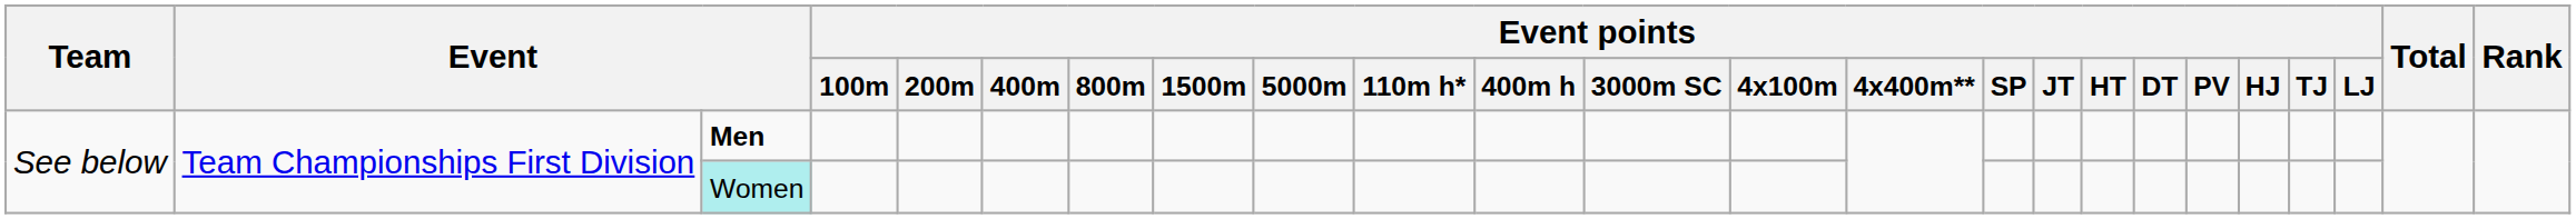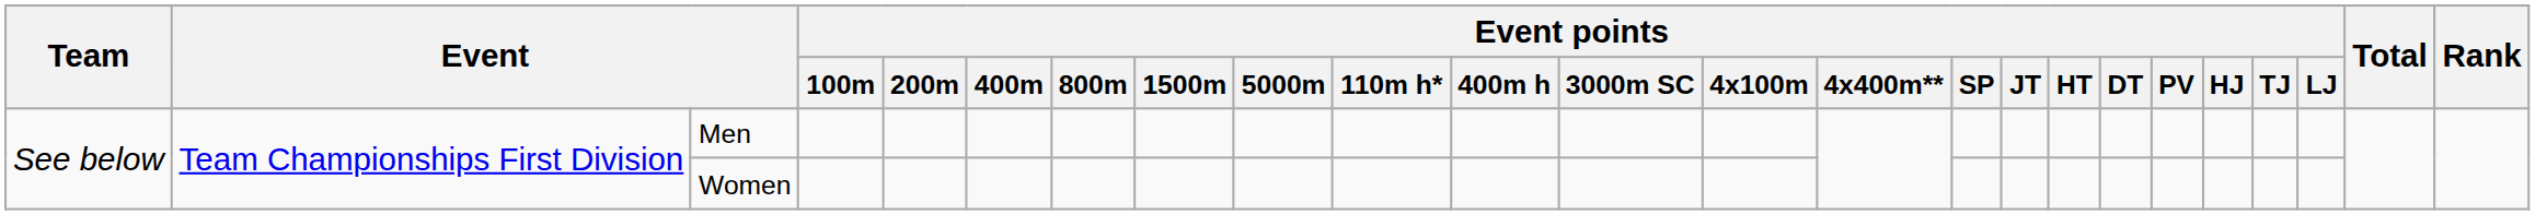 <table class="wikitable" style="text-align:left; font-size:90%">
 <tr>
 <th rowspan="2">Team</th>
 <th colspan="2" rowspan="2">Event</th>
 <th colspan="19">Event points</th>
 <th rowspan="2">Total</th>
 <th rowspan="2">Rank</th>
 </tr>
 <tr>
 <th><small>100m</small></th>
 <th><small>200m</small></th>
 <th><small>400m</small></th>
 <th><small>800m</small></th>
 <th><small>1500m</small></th>
 <th><small>5000m</small></th>
 <th><small>110m h*</small></th>
 <th><small>400m h</small></th>
 <th><small>3000m SC</small></th>
 <th><small>4x100m</small></th>
 <th><small>4x400m**</small></th>
 <th><small>SP</small></th>
 <th><small>JT</small></th>
 <th><small>HT</small></th>
 <th><small>DT</small></th>
 <th><small>PV</small></th>
 <th><small>HJ</small></th>
 <th><small>TJ</small></th>
 <th><small>LJ</small></th>
 </tr>
 <tr>
 <td rowspan="2"><em>See below</em></td>
 <td rowspan="2"><a href='#'>Team Championships First Division</a></td>
-<td><strong><small>Men</small></strong></td>
+<td><small>Men</small></td>
 <td></td>
 <td></td>
 <td></td>
 <td></td>
 <td></td>
 <td></td>
 <td></td>
 <td></td>
 <td></td>
 <td></td>
 <td rowspan="2"></td>
 <td></td>
 <td></td>
 <td></td>
 <td></td>
 <td></td>
 <td></td>
 <td></td>
 <td></td>
 <td rowspan="2"></td>
 <td rowspan="2"></td>
 </tr>
 <tr>
-<td style="background: paleturquoise;"><small>Women</small></td>
+<td><small>Women</small></td>
 <td></td>
 <td></td>
 <td></td>
 <td></td>
 <td></td>
 <td></td>
 <td></td>
 <td></td>
 <td></td>
 <td></td>
 <td></td>
 <td></td>
 <td></td>
 <td></td>
 <td></td>
 <td></td>
 <td></td>
 <td></td>
 </tr>
 </table>
